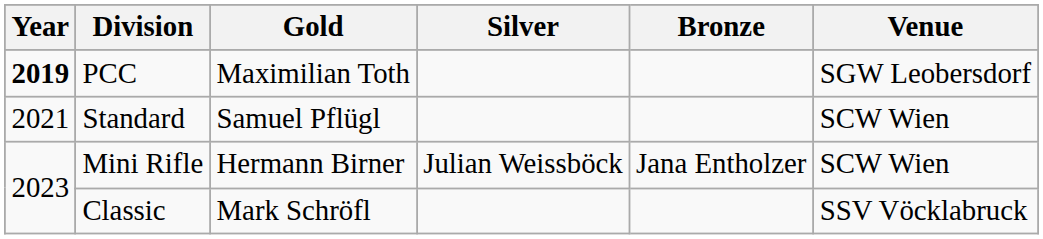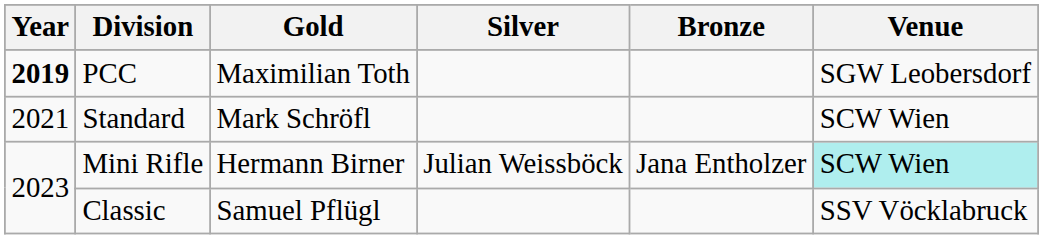 <table class="wikitable sortable" style="text-align: left;">
 <tr>
 <th>Year</th>
 <th>Division</th>
 <th> Gold</th>
 <th> Silver</th>
 <th> Bronze</th>
 <th>Venue</th>
 </tr>
 <tr>
 <td><strong>2019</strong></td>
 <td>PCC</td>
 <td> Maximilian Toth</td>
 <td></td>
 <td></td>
 <td>SGW Leobersdorf</td>
 </tr>
 <tr>
 <td>2021</td>
 <td>Standard</td>
-<td> Samuel Pflügl</td>
+<td> Mark Schröfl</td>
 <td></td>
 <td></td>
 <td>SCW Wien</td>
 </tr>
 <tr>
 <td rowspan="2">2023</td>
 <td>Mini Rifle</td>
 <td> Hermann Birner</td>
 <td> Julian Weissböck</td>
 <td> Jana Entholzer</td>
-<td>SCW Wien</td>
+<td style="background: paleturquoise;">SCW Wien</td>
 </tr>
 <tr>
 <td>Classic</td>
-<td> Mark Schröfl</td>
+<td> Samuel Pflügl</td>
 <td></td>
 <td></td>
 <td>SSV Vöcklabruck</td>
 </tr>
 </table>
